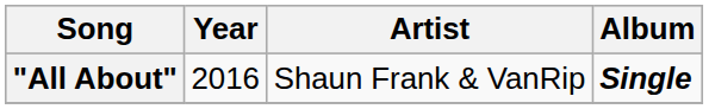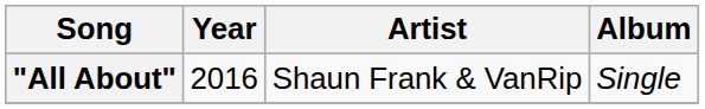 <table class="wikitable plainrowheaders">
 <tr>
 <th>Song</th>
 <th>Year</th>
 <th>Artist</th>
 <th>Album</th>
 </tr>
 <tr>
 <th scope="row">"All About"</th>
 <td>2016</td>
 <td>Shaun Frank & VanRip</td>
-<td><strong><em>Single</em></strong></td>
+<td><em>Single</em></td>
 </tr>
 <tr>
 </tr>
 </table>
